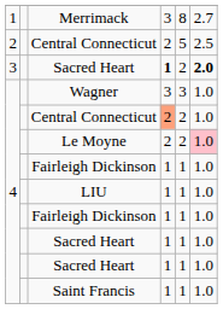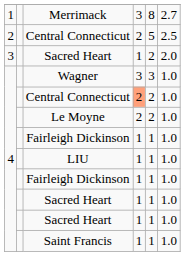 <table class="wikitable sortable" style="text-align:center">
 <tr>
 </tr>
 <tr>
 <td>1</td>
 <td></td>
 <td>Merrimack</td>
 <td>3</td>
 <td>8</td>
 <td>2.7</td>
 </tr>
 <tr>
 <td>2</td>
 <td></td>
 <td>Central Connecticut</td>
 <td>2</td>
 <td>5</td>
 <td>2.5</td>
 </tr>
 <tr>
 <td>3</td>
 <td></td>
 <td>Sacred Heart</td>
-<td><strong>1</strong></td>
+<td>1</td>
 <td>2</td>
-<td><strong>2.0</strong></td>
+<td>2.0</td>
 </tr>
 <tr>
 <td rowspan="9">4</td>
 <td></td>
 <td>Wagner</td>
 <td>3</td>
 <td>3</td>
 <td>1.0</td>
 </tr>
 <tr>
 <td></td>
 <td>Central Connecticut</td>
 <td style="background: lightsalmon;">2</td>
 <td>2</td>
 <td>1.0</td>
 </tr>
 <tr>
 <td></td>
 <td>Le Moyne</td>
 <td>2</td>
 <td>2</td>
-<td style="background: pink;">1.0</td>
+<td>1.0</td>
 </tr>
 <tr>
 <td></td>
 <td>Fairleigh Dickinson</td>
 <td>1</td>
 <td>1</td>
 <td>1.0</td>
 </tr>
 <tr>
 <td></td>
 <td>LIU</td>
 <td>1</td>
 <td>1</td>
 <td>1.0</td>
 </tr>
 <tr>
 <td></td>
 <td>Fairleigh Dickinson</td>
 <td>1</td>
 <td>1</td>
 <td>1.0</td>
 </tr>
 <tr>
 <td></td>
 <td>Sacred Heart</td>
 <td>1</td>
 <td>1</td>
 <td>1.0</td>
 </tr>
 <tr>
 <td></td>
 <td>Sacred Heart</td>
 <td>1</td>
 <td>1</td>
 <td>1.0</td>
 </tr>
 <tr>
 <td></td>
 <td>Saint Francis</td>
 <td>1</td>
 <td>1</td>
 <td>1.0</td>
 </tr>
 </table>
